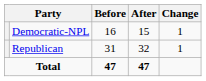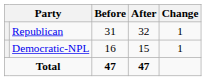 <table class="wikitable" style="text-align:center;">
 <tr>
 <th colspan="2">Party</th>
 <th>Before</th>
 <th>After</th>
 <th>Change</th>
 </tr>
 <tr>
 <th style="background-color:"></th>
-<td style="text-align:left;"><a href='#'>Democratic-NPL</a></td>
-<td>16</td>
-<td>15</td>
+<td style="text-align:left;"><a href='#'>Republican</a></td>
+<td>31</td>
+<td>32</td>
 <td> 1</td>
 </tr>
 <tr>
 <th style="background-color:"></th>
-<td style="text-align:left;"><a href='#'>Republican</a></td>
-<td>31</td>
-<td>32</td>
+<td style="text-align:left;"><a href='#'>Democratic-NPL</a></td>
+<td>16</td>
+<td>15</td>
 <td> 1</td>
 </tr>
 <tr>
 <td colspan="2"><strong>Total</strong></td>
 <td><strong>47</strong></td>
 <td><strong>47</strong></td>
 <td></td>
 </tr>
 </table>
